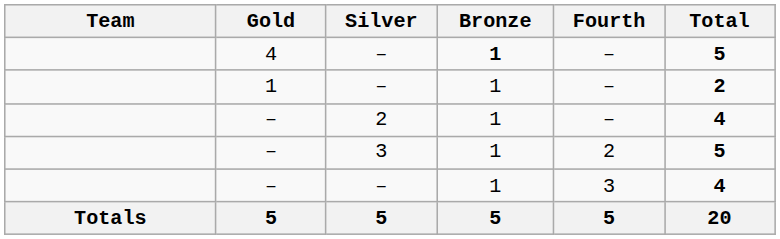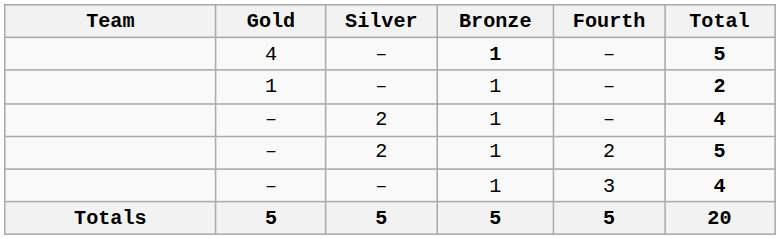 <table class="wikitable" style="text-align:center;">
 <tr>
 <th style="width:10em;">Team</th>
 <th style="width:5em;"> Gold</th>
 <th style="width:5em;"> Silver</th>
 <th style="width:5.75em; padding:0; cell-spacing:0;"> Bronze</th>
 <th style="width:5em;">Fourth</th>
 <th style="width:5em;">Total </th>
 </tr>
 <tr>
 <td align=left></td>
 <td>4</td>
 <td>–</td>
 <td><strong>1</strong></td>
 <td>–</td>
 <td><strong>5</strong></td>
 </tr>
 <tr>
 <td align=left></td>
 <td>1</td>
 <td>–</td>
 <td>1</td>
 <td>–</td>
 <td><strong>2</strong></td>
 </tr>
 <tr>
 <td align=left></td>
 <td>–</td>
 <td>2</td>
 <td>1</td>
 <td>–</td>
 <td><strong>4</strong></td>
 </tr>
 <tr>
 <td align=left></td>
 <td>–</td>
-<td>3</td>
+<td>2</td>
 <td>1</td>
 <td>2</td>
 <td><strong>5</strong></td>
 </tr>
 <tr>
 <td align=left></td>
 <td>–</td>
 <td>–</td>
 <td>1</td>
 <td>3</td>
 <td><strong>4</strong> </td>
 </tr>
 <tr>
 <th>Totals</th>
 <th>5</th>
 <th>5</th>
 <th>5</th>
 <th>5</th>
 <th>20</th>
 </tr>
 </table>
